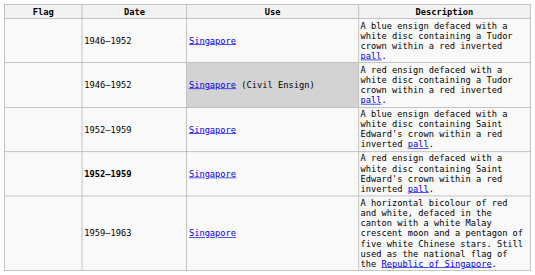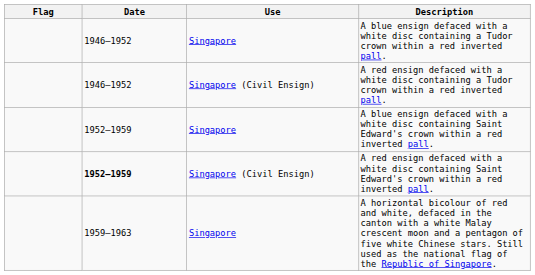 <table class="wikitable">
 <tr style="background:#efefef;">
 <th style="width:110px;">Flag</th>
 <th style="width:150px;">Date</th>
 <th style="width:250px;">Use</th>
 <th style="width:250px;">Description</th>
 </tr>
 <tr>
 <td></td>
 <td>1946–1952</td>
 <td><a href='#'>Singapore</a></td>
 <td>A blue ensign defaced with a white disc containing a Tudor crown within a red inverted <a href='#'>pall</a>.</td>
 </tr>
 <tr>
 <td></td>
 <td>1946–1952</td>
-<td style="background: lightgrey;"><a href='#'>Singapore</a> (Civil Ensign)</td>
+<td><a href='#'>Singapore</a> (Civil Ensign)</td>
 <td>A red ensign defaced with a white disc containing a Tudor crown within a red inverted <a href='#'>pall</a>.</td>
 </tr>
 <tr>
 <td></td>
 <td>1952–1959</td>
 <td><a href='#'>Singapore</a></td>
 <td>A blue ensign defaced with a white disc containing Saint Edward's crown within a red inverted <a href='#'>pall</a>.</td>
 </tr>
 <tr>
 <td></td>
 <td><strong>1952–1959</strong></td>
-<td><a href='#'>Singapore</a></td>
+<td><a href='#'>Singapore</a> (Civil Ensign)</td>
 <td>A red ensign defaced with a white disc containing Saint Edward's crown within a red inverted <a href='#'>pall</a>.</td>
 </tr>
 <tr>
 <td></td>
 <td>1959–1963</td>
 <td><a href='#'>Singapore</a></td>
 <td>A horizontal bicolour of red and white, defaced in the canton with a white Malay crescent moon and a pentagon of five white Chinese stars. Still used as the national flag of the <a href='#'>Republic of Singapore</a>.</td>
 </tr>
 </table>
